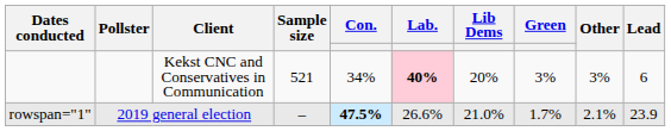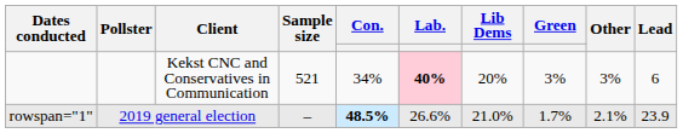 <table class="wikitable sortable mw-datatable" style="text-align:center; font-size:90%; line-height:14px;">
 <tr>
 <th rowspan="2">Dates<br>conducted</th>
 <th rowspan="2">Pollster</th>
 <th rowspan="2">Client</th>
 <th data-sort-type="number" rowspan="2">Sample<br>size</th>
 <th class="unsortable" style="width:50px;"><a href='#'>Con.</a></th>
 <th class="unsortable" style="width:50px;"><a href='#'>Lab.</a></th>
 <th class="unsortable" style="width:50px;"><a href='#'>Lib Dems</a></th>
 <th class="unsortable" style="width:50px;"><a href='#'>Green</a></th>
 <th class="unsortable" rowspan="2">Other</th>
 <th data-sort-type="number" rowspan="2">Lead</th>
 </tr>
 <tr>
 <th data-sort-type="number" style="background:"></th>
 <th data-sort-type="number" style="background:"></th>
 <th data-sort-type="number" style="background:"></th>
 <th data-sort-type="number" style="background:"></th>
 </tr>
 <tr>
 <td></td>
 <td></td>
 <td>Kekst CNC and Conservatives in Communication</td>
 <td>521</td>
 <td>34%</td>
 <td style="background:#FFCCD9"><strong>40%</strong></td>
 <td>20%</td>
 <td>3%</td>
 <td>3%</td>
 <td style="background:">6</td>
 </tr>
 <tr style="background:#e9e9e9;">
 <td>rowspan="1" </td>
 <td colspan="2"><a href='#'>2019 general election</a></td>
 <td>–</td>
-<td style="background:#CCEBFF;"><strong>47.5%</strong></td>
+<td style="background:#CCEBFF;"><strong>48.5%</strong></td>
 <td>26.6%</td>
 <td>21.0%</td>
 <td>1.7%</td>
 <td>2.1%</td>
 <td style="background:">23.9</td>
 </tr>
 </table>
